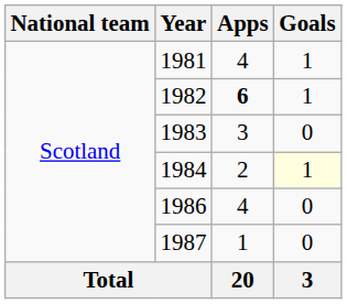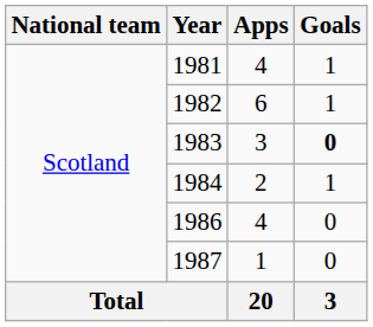 <table class="wikitable" style="text-align:center">
 <tr>
 <th>National team</th>
 <th>Year</th>
 <th>Apps</th>
 <th>Goals</th>
 </tr>
 <tr>
 <td rowspan="6"><a href='#'>Scotland</a></td>
 <td>1981</td>
 <td>4</td>
 <td>1</td>
 </tr>
 <tr>
 <td>1982</td>
-<td><strong>6</strong></td>
+<td>6</td>
 <td>1</td>
 </tr>
 <tr>
 <td>1983</td>
 <td>3</td>
-<td>0</td>
+<td><strong>0</strong></td>
 </tr>
 <tr>
 <td>1984</td>
 <td>2</td>
-<td style="background: lightyellow;">1</td>
+<td>1</td>
 </tr>
 <tr>
 <td>1986</td>
 <td>4</td>
 <td>0</td>
 </tr>
 <tr>
 <td>1987</td>
 <td>1</td>
 <td>0</td>
 </tr>
 <tr>
 <th colspan="2">Total</th>
 <th>20</th>
 <th>3</th>
 </tr>
 </table>
